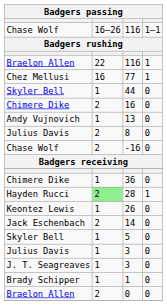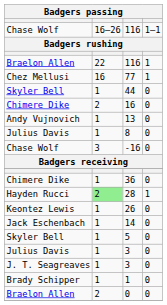 <table class="wikitable plainrowheaders">
 <tr>
 <th colspan="6">Badgers passing</th>
 </tr>
 <tr>
 <th scope="col"></th>
 <th scope="col"></th>
 <th scope="col"></th>
 <th scope="col"></th>
 </tr>
 <tr>
 <td>Chase Wolf</td>
 <td>16–26</td>
 <td>116</td>
 <td>1–1</td>
 </tr>
 <tr>
 <th colspan="6">Badgers rushing</th>
 </tr>
 <tr>
 <th scope="col"></th>
 <th scope="col"></th>
 <th scope="col"></th>
 <th scope="col"></th>
 </tr>
 <tr>
 <td><a href='#'>Braelon Allen</a></td>
 <td>22</td>
 <td>116</td>
 <td>1</td>
 </tr>
 <tr>
 <td>Chez Mellusi</td>
 <td>16</td>
 <td>77</td>
 <td>1</td>
 </tr>
 <tr>
 <td><a href='#'>Skyler Bell</a></td>
 <td>1</td>
 <td>44</td>
 <td>0</td>
 </tr>
 <tr>
 <td><a href='#'>Chimere Dike</a></td>
 <td>2</td>
 <td>16</td>
 <td>0</td>
 </tr>
 <tr>
 <td>Andy Vujnovich</td>
 <td>1</td>
 <td>13</td>
 <td>0</td>
 </tr>
 <tr>
 <td>Julius Davis</td>
-<td>2</td>
+<td>1</td>
 <td>8</td>
 <td>0</td>
 </tr>
 <tr>
 <td>Chase Wolf</td>
-<td>2</td>
+<td>3</td>
 <td>-16</td>
 <td>0</td>
 </tr>
 <tr>
 <th colspan="6">Badgers receiving</th>
 </tr>
 <tr>
 </tr>
 <tr>
 <th scope="col"></th>
 <th scope="col"></th>
 <th scope="col"></th>
 <th scope="col"></th>
 </tr>
 <tr>
 <td>Chimere Dike</td>
 <td>1</td>
 <td>36</td>
 <td>0</td>
 </tr>
 <tr>
 <td>Hayden Rucci</td>
 <td style="background: lightgreen;">2</td>
 <td>28</td>
 <td>1</td>
 </tr>
 <tr>
 <td>Keontez Lewis</td>
 <td>1</td>
 <td>26</td>
 <td>0</td>
 </tr>
 <tr>
 <td>Jack Eschenbach</td>
-<td>2</td>
+<td>1</td>
 <td>14</td>
 <td>0</td>
 </tr>
 <tr>
 <td>Skyler Bell</td>
 <td>1</td>
 <td>5</td>
 <td>0</td>
 </tr>
 <tr>
 <td>Julius Davis</td>
 <td>1</td>
 <td>3</td>
 <td>0</td>
 </tr>
 <tr>
 <td>J. T. Seagreaves</td>
 <td>1</td>
 <td>3</td>
 <td>0</td>
 </tr>
 <tr>
 <td>Brady Schipper</td>
 <td>1</td>
 <td>1</td>
 <td>0</td>
 </tr>
 <tr>
 <td><a href='#'>Braelon Allen</a></td>
 <td>2</td>
 <td>0</td>
 <td>0</td>
 </tr>
 <tr>
 </tr>
 </table>
